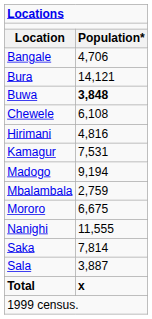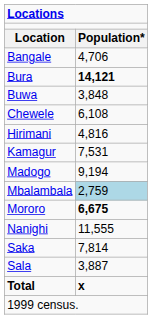 <table class="wikitable">
 <tr>
 <td colspan="2"><strong><a href='#'>Locations</a></strong></td>
 </tr>
 <tr>
 <td colspan="2"></td>
 </tr>
 <tr>
 <th>Location</th>
 <th>Population*</th>
 </tr>
 <tr>
 <td><a href='#'>Bangale</a></td>
 <td>4,706</td>
 </tr>
 <tr>
 <td><a href='#'>Bura</a></td>
-<td>14,121</td>
+<td><strong>14,121</strong></td>
 </tr>
 <tr>
 <td><a href='#'>Buwa</a></td>
-<td><strong>3,848</strong></td>
+<td>3,848</td>
 </tr>
 <tr>
 <td><a href='#'>Chewele</a></td>
 <td>6,108</td>
 </tr>
 <tr>
 <td><a href='#'>Hirimani</a></td>
 <td>4,816</td>
 </tr>
 <tr>
 <td><a href='#'>Kamagur</a></td>
 <td>7,531</td>
 </tr>
 <tr>
 <td><a href='#'>Madogo</a></td>
 <td>9,194</td>
 </tr>
 <tr>
 <td><a href='#'>Mbalambala</a></td>
-<td>2,759</td>
+<td style="background: lightblue;">2,759</td>
 </tr>
 <tr>
 <td><a href='#'>Mororo</a></td>
-<td>6,675</td>
+<td><strong>6,675</strong></td>
 </tr>
 <tr>
 <td><a href='#'>Nanighi</a></td>
 <td>11,555</td>
 </tr>
 <tr>
 <td><a href='#'>Saka</a></td>
 <td>7,814</td>
 </tr>
 <tr>
 <td><a href='#'>Sala</a></td>
 <td>3,887</td>
 </tr>
 <tr>
 <td><strong>Total</strong></td>
 <td><strong>x</strong></td>
 </tr>
 <tr>
 <td colspan="2">1999 census.</td>
 </tr>
 </table>
